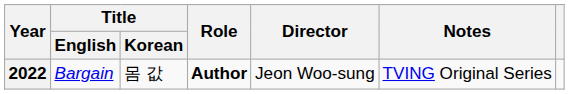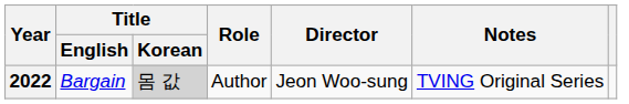 <table class="wikitable plainrowheaders">
 <tr>
 <th rowspan="2">Year</th>
 <th colspan="2">Title</th>
 <th rowspan="2">Role</th>
 <th rowspan="2">Director</th>
 <th rowspan="2">Notes</th>
 <th rowspan="2"></th>
 </tr>
 <tr>
 <th>English</th>
 <th>Korean</th>
 </tr>
 <tr>
 <th scope="row">2022</th>
 <td><em><a href='#'>Bargain</a></em></td>
-<td>몸 값</td>
-<td><strong>Author</strong></td>
+<td style="background: lightgrey;">몸 값</td>
+<td>Author</td>
 <td>Jeon Woo-sung</td>
 <td><a href='#'>TVING</a> Original Series</td>
 <td></td>
 </tr>
 </table>
